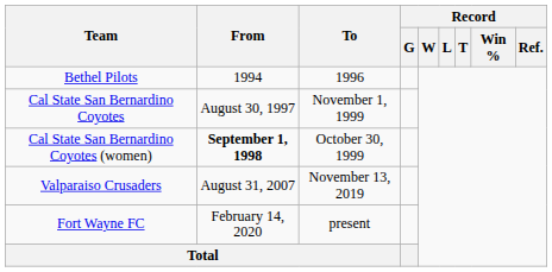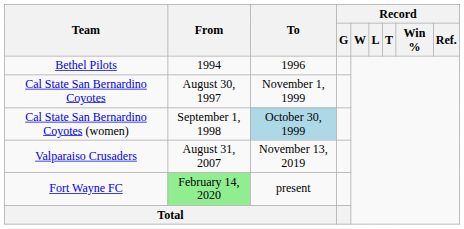 <table class="wikitable" style="text-align: center">
 <tr>
 <th rowspan=2>Team</th>
 <th rowspan=2>From</th>
 <th rowspan=2>To</th>
 <th colspan=6>Record</th>
 </tr>
 <tr>
 <th>G</th>
 <th>W</th>
 <th>L</th>
 <th>T</th>
 <th>Win %</th>
 <th>Ref.</th>
 </tr>
 <tr>
 <td><a href='#'>Bethel Pilots</a></td>
 <td>1994</td>
 <td>1996<br></td>
 <td></td>
 </tr>
 <tr>
 <td><a href='#'>Cal State San Bernardino Coyotes</a></td>
 <td>August 30, 1997</td>
 <td>November 1, 1999<br></td>
 <td></td>
 </tr>
 <tr>
 <td><a href='#'>Cal State San Bernardino Coyotes</a> (women)</td>
-<td><strong>September 1, 1998</strong></td>
-<td>October 30, 1999<br></td>
+<td>September 1, 1998</td>
+<td style="background: lightblue;">October 30, 1999<br></td>
 <td></td>
 </tr>
 <tr>
 <td><a href='#'>Valparaiso Crusaders</a></td>
 <td>August 31, 2007</td>
 <td>November 13, 2019<br></td>
 <td></td>
 </tr>
 <tr>
 <td><a href='#'>Fort Wayne FC</a></td>
-<td>February 14, 2020</td>
+<td style="background: lightgreen;">February 14, 2020</td>
 <td>present<br></td>
 <td></td>
 </tr>
 <tr>
 <th colspan=3>Total<br></th>
 <th></th>
 </tr>
 </table>
